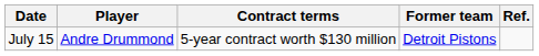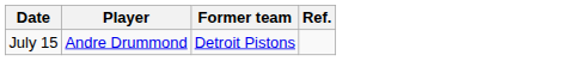 <table class="wikitable sortable sortable">
 <tr>
 <th>Date</th>
 <th>Player</th>
-<th>Contract terms</th>
 <th>Former team</th>
 <th>Ref.</th>
 </tr>
 <tr style="text-align: center">
 <td>July 15</td>
 <td><a href='#'>Andre Drummond</a></td>
-<td>5-year contract worth $130 million</td>
 <td><a href='#'>Detroit Pistons</a></td>
 <td></td>
 </tr>
 </table>
